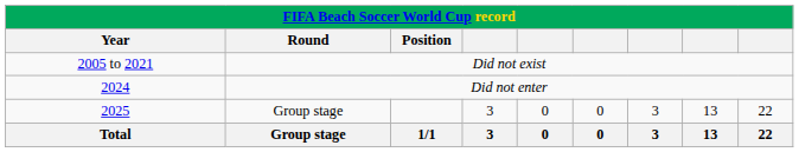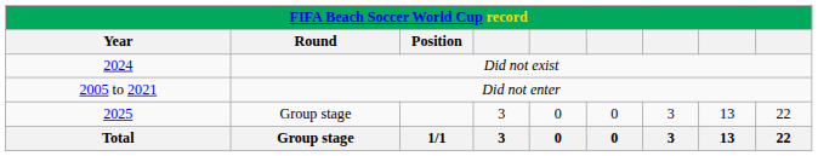 <table class="wikitable" class="wikitable" style="font-size:90%; text-align:center; width:50%">
 <tr>
 <th colspan="9" style="background:#00A95C; color:#FFD700; "><a href='#'><span>FIFA Beach Soccer World Cup</span></a> record</th>
 </tr>
 <tr>
 <th width="20%">Year</th>
 <th width="15%">Round</th>
 <th width="5%">Position</th>
 <th width="5%"></th>
 <th width="5%"></th>
 <th width="5%"></th>
 <th width="5%"></th>
 <th width="5%"></th>
 <th width="5%"></th>
 </tr>
 <tr>
-<td> <a href='#'>2005</a> to  <a href='#'>2021</a></td>
+<td> <a href='#'>2024</a></td>
 <td colspan="8"><em>Did not exist</em></td>
 </tr>
 <tr>
-<td> <a href='#'>2024</a></td>
+<td> <a href='#'>2005</a> to  <a href='#'>2021</a></td>
 <td colspan="8"><em>Did not enter</em></td>
 </tr>
 <tr>
 <td> <a href='#'>2025</a></td>
 <td>Group stage</td>
 <td></td>
 <td>3</td>
 <td>0</td>
 <td>0</td>
 <td>3</td>
 <td>13</td>
 <td>22</td>
 </tr>
 <tr>
 <th>Total</th>
 <th>Group stage</th>
 <th>1/1</th>
 <th>3</th>
 <th>0</th>
 <th>0</th>
 <th>3</th>
 <th>13</th>
 <th>22</th>
 </tr>
 </table>
